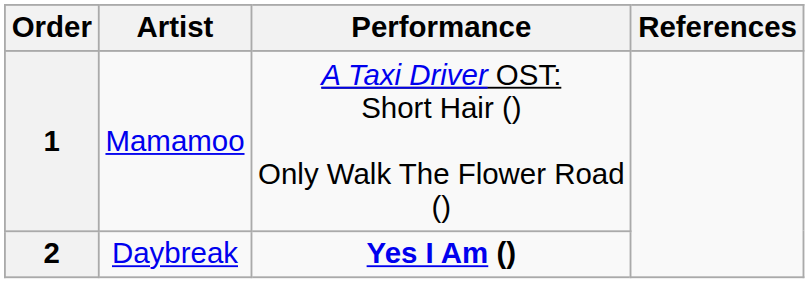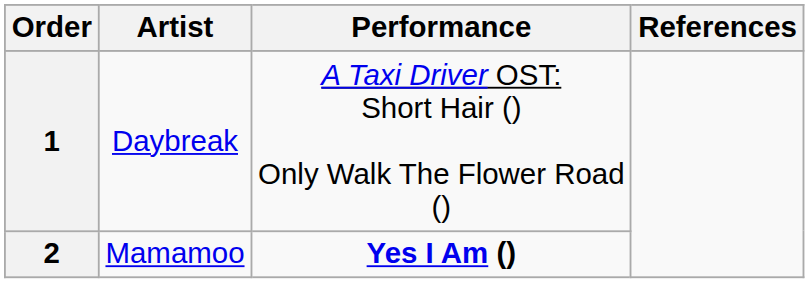 <table class="wikitable" style="text-align:center;">
 <tr>
 <th>Order</th>
 <th>Artist</th>
 <th>Performance</th>
 <th>References</th>
 </tr>
 <tr>
 <th>1</th>
-<td><a href='#'>Mamamoo</a></td>
+<td><a href='#'>Daybreak</a></td>
 <td><u><em><a href='#'>A Taxi Driver</a></em> OST:</u><br>Short Hair ()<br><br>Only Walk The Flower Road<br>()</td>
 <td rowspan=2></td>
 </tr>
 <tr>
 <th>2</th>
-<td><a href='#'>Daybreak</a></td>
+<td><a href='#'>Mamamoo</a></td>
 <td><strong><a href='#'>Yes I Am</a> ()</strong></td>
 </tr>
 </table>
